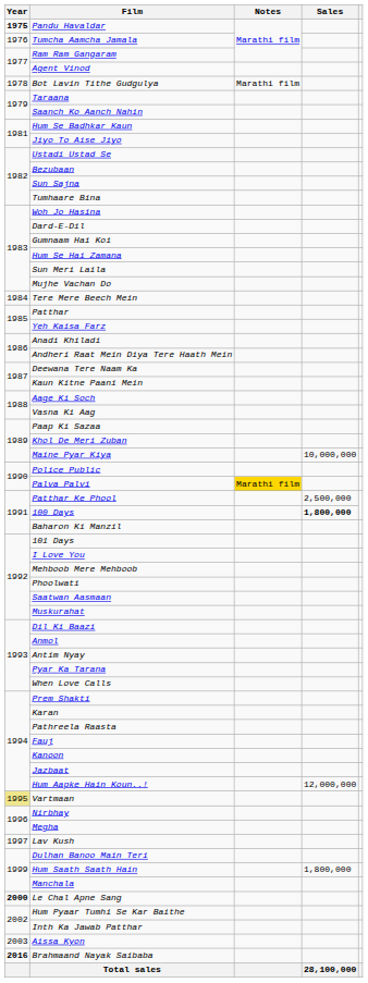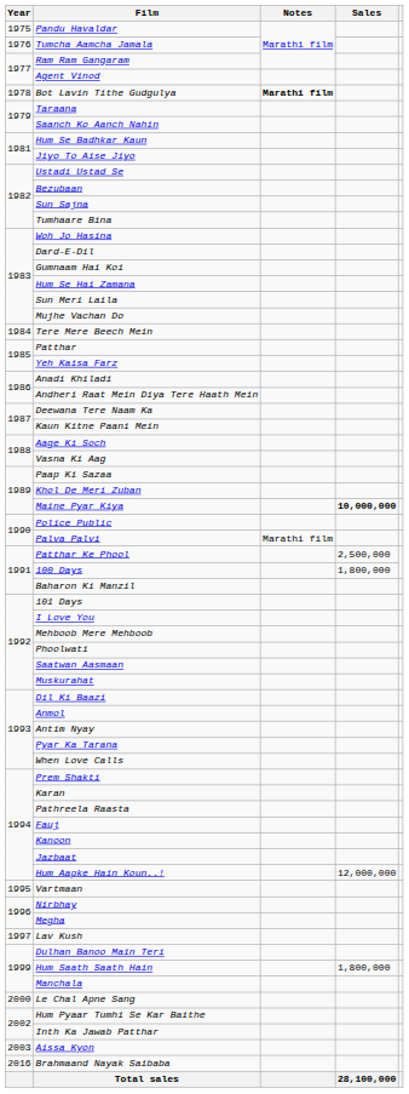 <table class="wikitable">
 <tr>
 <th>Year</th>
 <th>Film</th>
 <th>Notes</th>
 <th>Sales</th>
 <th></th>
 </tr>
 <tr>
-<td><strong>1975</strong></td>
+<td>1975</td>
 <td><em><a href='#'>Pandu Havaldar</a></em></td>
 <td rowspan="3"><a href='#'>Marathi film</a></td>
 <td></td>
 <td></td>
 </tr>
 <tr>
 <td>1976</td>
 <td><em><a href='#'>Tumcha Aamcha Jamala</a></em></td>
 <td></td>
 <td></td>
 </tr>
 <tr>
 <td rowspan="2">1977</td>
 <td><em><a href='#'>Ram Ram Gangaram</a></em></td>
 <td></td>
 <td></td>
 </tr>
 <tr>
 <td><em><a href='#'>Agent Vinod</a></em></td>
 <td></td>
 <td></td>
 <td></td>
 </tr>
 <tr>
 <td>1978</td>
 <td><em>Bot Lavin Tithe Gudgulya</em></td>
-<td>Marathi film</td>
+<td><strong>Marathi film</strong></td>
 <td></td>
 <td></td>
 </tr>
 <tr>
 <td rowspan="2">1979</td>
 <td><em><a href='#'>Taraana</a></em></td>
 <td></td>
 <td></td>
 <td></td>
 </tr>
 <tr>
 <td><em><a href='#'>Saanch Ko Aanch Nahin</a></em></td>
 <td></td>
 <td></td>
 <td></td>
 </tr>
 <tr>
 <td rowspan=2>1981</td>
 <td><em><a href='#'>Hum Se Badhkar Kaun</a></em></td>
 <td></td>
 <td></td>
 <td></td>
 </tr>
 <tr>
 <td><em><a href='#'>Jiyo To Aise Jiyo</a></em></td>
 <td></td>
 <td></td>
 <td></td>
 </tr>
 <tr>
 <td rowspan="4">1982</td>
 <td><em><a href='#'>Ustadi Ustad Se</a></em></td>
 <td></td>
 <td></td>
 <td></td>
 </tr>
 <tr>
 <td><em><a href='#'>Bezubaan</a></em></td>
 <td></td>
 <td></td>
 <td></td>
 </tr>
 <tr>
 <td><em><a href='#'>Sun Sajna</a></em></td>
 <td></td>
 <td></td>
 <td></td>
 </tr>
 <tr>
 <td><em>Tumhaare Bina</em></td>
 <td></td>
 <td></td>
 <td></td>
 </tr>
 <tr>
 <td rowspan=6>1983</td>
 <td><em><a href='#'>Woh Jo Hasina</a></em></td>
 <td></td>
 <td></td>
 <td></td>
 </tr>
 <tr>
 <td><em>Dard-E-Dil</em></td>
 <td></td>
 <td></td>
 <td></td>
 </tr>
 <tr>
 <td><em>Gumnaam Hai Koi</em></td>
 <td></td>
 <td></td>
 <td></td>
 </tr>
 <tr>
 <td><em><a href='#'>Hum Se Hai Zamana</a></em></td>
 <td></td>
 <td></td>
 <td></td>
 </tr>
 <tr>
 <td><em>Sun Meri Laila</em></td>
 <td></td>
 <td></td>
 <td></td>
 </tr>
 <tr>
 <td><em>Mujhe Vachan Do</em></td>
 <td></td>
 <td></td>
 <td></td>
 </tr>
 <tr>
 <td>1984</td>
 <td><em>Tere Mere Beech Mein</em></td>
 <td></td>
 <td></td>
 <td></td>
 </tr>
 <tr>
 <td rowspan=2>1985</td>
 <td><em>Patthar</em></td>
 <td></td>
 <td></td>
 <td></td>
 </tr>
 <tr>
 <td><em><a href='#'>Yeh Kaisa Farz</a></em></td>
 <td></td>
 <td></td>
 <td></td>
 </tr>
 <tr>
 <td rowspan=2>1986</td>
 <td><em>Anadi Khiladi</em></td>
 <td></td>
 <td></td>
 <td></td>
 </tr>
 <tr>
 <td><em>Andheri Raat Mein Diya Tere Haath Mein</em></td>
 <td></td>
 <td></td>
 <td></td>
 </tr>
 <tr>
 <td rowspan=2>1987</td>
 <td><em>Deewana Tere Naam Ka</em></td>
 <td></td>
 <td></td>
 <td></td>
 </tr>
 <tr>
 <td><em>Kaun Kitne Paani Mein</em></td>
 <td></td>
 <td></td>
 <td></td>
 </tr>
 <tr>
 <td rowspan=2>1988</td>
 <td><em><a href='#'>Aage Ki Soch</a></em></td>
 <td></td>
 <td></td>
 <td></td>
 </tr>
 <tr>
 <td><em>Vasna Ki Aag</em></td>
 <td></td>
 <td></td>
 <td></td>
 </tr>
 <tr>
 <td rowspan="3">1989</td>
 <td><em>Paap Ki Sazaa</em></td>
 <td></td>
 <td></td>
 <td></td>
 </tr>
 <tr>
 <td><em><a href='#'>Khol De Meri Zuban</a></em></td>
 <td></td>
 <td></td>
 <td></td>
 </tr>
 <tr>
 <td><em><a href='#'>Maine Pyar Kiya</a></em></td>
 <td></td>
-<td>10,000,000</td>
+<td><strong>10,000,000</strong></td>
 <td></td>
 </tr>
 <tr>
 <td rowspan="2">1990</td>
 <td><em><a href='#'>Police Public</a></em></td>
 <td></td>
 <td></td>
 <td></td>
 </tr>
 <tr>
 <td><em><a href='#'>Palva Palvi</a></em></td>
-<td style="background: gold;">Marathi film</td>
+<td>Marathi film</td>
 <td></td>
 <td></td>
 </tr>
 <tr>
 <td rowspan=3>1991</td>
 <td><em><a href='#'>Patthar Ke Phool</a></em></td>
 <td></td>
 <td>2,500,000</td>
 <td rowspan="2"></td>
 </tr>
 <tr>
 <td><em><a href='#'>100 Days</a></em></td>
 <td></td>
-<td><strong>1,800,000</strong></td>
+<td>1,800,000</td>
 </tr>
 <tr>
 <td><em>Baharon Ki Manzil</em></td>
 <td></td>
 <td></td>
 <td></td>
 </tr>
 <tr>
 <td rowspan="6">1992</td>
 <td><em>101 Days</em></td>
 <td></td>
 <td></td>
 <td></td>
 </tr>
 <tr>
 <td><em><a href='#'>I Love You</a></em></td>
 <td></td>
 <td></td>
 <td></td>
 </tr>
 <tr>
 <td><em>Mehboob Mere Mehboob</em></td>
 <td></td>
 <td></td>
 <td></td>
 </tr>
 <tr>
 <td><em>Phoolwati</em></td>
 <td></td>
 <td></td>
 <td></td>
 </tr>
 <tr>
 <td><em><a href='#'>Saatwan Aasmaan</a></em></td>
 <td></td>
 <td></td>
 <td></td>
 </tr>
 <tr>
 <td><em><a href='#'>Muskurahat</a></em></td>
 <td></td>
 <td></td>
 <td></td>
 </tr>
 <tr>
 <td rowspan="5">1993</td>
 <td><em><a href='#'>Dil Ki Baazi</a></em></td>
 <td></td>
 <td></td>
 <td></td>
 </tr>
 <tr>
 <td><em><a href='#'>Anmol</a></em></td>
 <td></td>
 <td></td>
 <td></td>
 </tr>
 <tr>
 <td><em>Antim Nyay</em></td>
 <td></td>
 <td></td>
 <td></td>
 </tr>
 <tr>
 <td><em><a href='#'>Pyar Ka Tarana</a></em></td>
 <td></td>
 <td></td>
 <td></td>
 </tr>
 <tr>
 <td><em>When Love Calls</em></td>
 <td></td>
 <td></td>
 <td></td>
 </tr>
 <tr>
 <td rowspan="7">1994</td>
 <td><em><a href='#'>Prem Shakti</a></em></td>
 <td></td>
 <td></td>
 <td></td>
 </tr>
 <tr>
 <td><em>Karan</em></td>
 <td></td>
 <td></td>
 <td></td>
 </tr>
 <tr>
 <td><em>Pathreela Raasta</em></td>
 <td></td>
 <td></td>
 <td></td>
 </tr>
 <tr>
 <td><em><a href='#'>Fauj</a></em></td>
 <td></td>
 <td></td>
 <td></td>
 </tr>
 <tr>
 <td><em><a href='#'>Kanoon</a></em></td>
 <td></td>
 <td></td>
 <td></td>
 </tr>
 <tr>
 <td><em><a href='#'>Jazbaat</a></em></td>
 <td></td>
 <td></td>
 <td></td>
 </tr>
 <tr>
 <td><em><a href='#'>Hum Aapke Hain Koun..!</a></em></td>
 <td></td>
 <td>12,000,000</td>
 <td></td>
 </tr>
 <tr>
-<td style="background: khaki;">1995</td>
+<td>1995</td>
 <td><em>Vartmaan</em></td>
 <td></td>
 <td></td>
 <td></td>
 </tr>
 <tr>
 <td rowspan="2">1996</td>
 <td><em><a href='#'>Nirbhay</a></em></td>
 <td></td>
 <td></td>
 <td></td>
 </tr>
 <tr>
 <td><em><a href='#'>Megha</a></em></td>
 <td></td>
 <td></td>
 <td></td>
 </tr>
 <tr>
 <td>1997</td>
 <td><em>Lav Kush</em></td>
 <td></td>
 <td></td>
 <td></td>
 </tr>
 <tr>
 <td rowspan=3>1999</td>
 <td><em><a href='#'>Dulhan Banoo Main Teri</a></em></td>
 <td></td>
 <td></td>
 <td></td>
 </tr>
 <tr>
 <td><em><a href='#'>Hum Saath Saath Hain</a></em></td>
 <td></td>
 <td>1,800,000</td>
 <td></td>
 </tr>
 <tr>
 <td><em><a href='#'>Manchala</a></em></td>
 <td></td>
 <td></td>
 <td></td>
 </tr>
 <tr>
-<td><strong>2000</strong></td>
+<td>2000</td>
 <td><em>Le Chal Apne Sang</em></td>
 <td></td>
 <td></td>
 <td></td>
 </tr>
 <tr>
 <td rowspan=2>2002</td>
 <td><em>Hum Pyaar Tumhi Se Kar Baithe</em></td>
 <td></td>
 <td></td>
 <td></td>
 </tr>
 <tr>
 <td><em>Inth Ka Jawab Patthar</em></td>
 <td></td>
 <td></td>
 <td></td>
 </tr>
 <tr>
 <td>2003</td>
 <td><em><a href='#'>Aissa Kyon</a></em></td>
 <td></td>
 <td></td>
 <td></td>
 </tr>
 <tr>
-<td><strong>2016</strong></td>
+<td>2016</td>
 <td><em>Brahmaand Nayak Saibaba</em></td>
 <td></td>
 <td></td>
 <td></td>
 </tr>
 <tr>
 <th></th>
 <th>Total sales</th>
 <th></th>
 <th>28,100,000</th>
 <th></th>
 </tr>
 </table>
